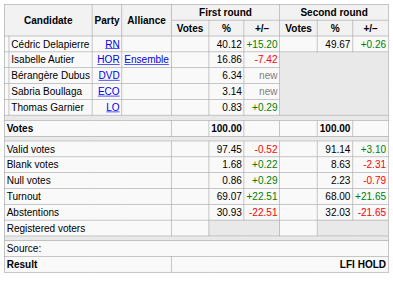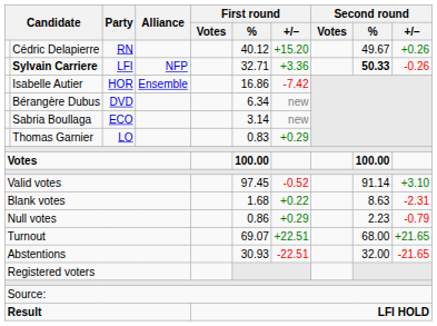 <table class="wikitable" style="text-align:right;font-size:95%;">
 <tr>
 <th rowspan="2" colspan="2">Candidate</th>
 <th colspan="1" rowspan="2">Party</th>
 <th colspan="1" rowspan="2">Alliance</th>
 <th colspan="3">First round</th>
 <th colspan="3">Second round</th>
 </tr>
 <tr>
 <th style="width:50px;">Votes</th>
 <th style="width:45px;">%</th>
 <th style="width:45px;">+/–</th>
 <th style="width:50px;">Votes</th>
 <th style="width:45px;">%</th>
 <th style="width:45px;">+/–</th>
 </tr>
 <tr>
 <td style="color:inherit;background:"></td>
 <td style="text-align:left;">Cédric Delapierre</td>
 <td><a href='#'>RN</a></td>
 <td></td>
 <td></td>
 <td>40.12</td>
 <td style="color:green;">+15.20</td>
 <td></td>
 <td>49.67</td>
 <td style="color:green;">+0.26</td>
+</tr>
+<tr>
+<td style="color:inherit;background:"></td>
+<td style="text-align:left;"><strong>Sylvain Carriere</strong></td>
+<td><a href='#'>LFI</a></td>
+<td><a href='#'>NFP</a></td>
+<td></td>
+<td>32.71</td>
+<td style="color:green;">+3.36</td>
+<td><strong></strong></td>
+<td><strong>50.33</strong></td>
+<td style="color:red;">-0.26</td>
 </tr>
 <tr>
 <td style="color:inherit;background:"></td>
 <td style="text-align:left;">Isabelle Autier</td>
 <td><a href='#'>HOR</a></td>
 <td><a href='#'>Ensemble</a></td>
 <td></td>
 <td>16.86</td>
 <td style="color:red;">-7.42</td>
 <td colspan="3" rowspan="4" style="background:#E9E9E9;"></td>
 </tr>
 <tr>
 <td style="color:inherit;background:"></td>
 <td style="text-align:left;">Bérangère Dubus</td>
 <td><a href='#'>DVD</a></td>
 <td></td>
 <td></td>
 <td>6.34</td>
 <td style="color:grey;">new</td>
 </tr>
 <tr>
 <td style="color:inherit;background:"></td>
 <td style="text-align:left;">Sabria Boullaga</td>
 <td><a href='#'>ECO</a></td>
 <td></td>
 <td></td>
 <td>3.14</td>
 <td style="color:grey;">new</td>
 </tr>
 <tr>
 <td style="color:inherit;background:"></td>
 <td style="text-align:left;">Thomas Garnier</td>
 <td><a href='#'>LO</a></td>
 <td></td>
 <td></td>
 <td>0.83</td>
 <td style="color:green;">+0.29</td>
 </tr>
 <tr>
 <td colspan="10" style="background:#E9E9E9;"></td>
 </tr>
 <tr style="font-weight:bold;">
 <td colspan="4" style="text-align:left;">Votes</td>
 <td></td>
 <td>100.00</td>
 <td></td>
 <td></td>
 <td>100.00</td>
 <td></td>
 </tr>
 <tr>
 <td colspan="10" style="background:#E9E9E9;"></td>
 </tr>
 <tr>
 <td colspan="4" style="text-align:left;">Valid votes</td>
 <td></td>
 <td>97.45</td>
 <td style="color:red;">-0.52</td>
 <td></td>
 <td>91.14</td>
 <td style="color:green;">+3.10</td>
 </tr>
 <tr>
 <td colspan="4" style="text-align:left;">Blank votes</td>
 <td></td>
 <td>1.68</td>
 <td style="color:green;">+0.22</td>
 <td></td>
 <td>8.63</td>
 <td style="color:red;">-2.31</td>
 </tr>
 <tr>
 <td colspan="4" style="text-align:left;">Null votes</td>
 <td></td>
 <td>0.86</td>
 <td style="color:green;">+0.29</td>
 <td></td>
 <td>2.23</td>
 <td style="color:red;">-0.79</td>
 </tr>
 <tr>
 <td colspan="4" style="text-align:left;">Turnout</td>
 <td></td>
 <td>69.07</td>
 <td style="color:green;">+22.51</td>
 <td></td>
 <td>68.00</td>
 <td style="color:green;">+21.65</td>
 </tr>
 <tr>
 <td colspan="4" style="text-align:left;">Abstentions</td>
 <td></td>
 <td>30.93</td>
 <td style="color:red;">-22.51</td>
 <td></td>
-<td>32.03</td>
+<td>32.00</td>
 <td style="color:red;">-21.65</td>
 </tr>
 <tr>
 <td colspan="4" style="text-align:left;">Registered voters</td>
 <td></td>
 <td colspan="2" style="background:#E9E9E9;"></td>
 <td></td>
 <td colspan="2" style="background:#E9E9E9;"></td>
 </tr>
 <tr>
 <td colspan="10" style="background:#E9E9E9;"></td>
 </tr>
 <tr>
 <td colspan="10" style="text-align:left;">Source: </td>
 </tr>
 <tr style="font-weight:bold">
 <td colspan="4" style="text-align:left;">Result</td>
 <td colspan="6" style="background-color:">LFI HOLD</td>
 </tr>
 </table>
